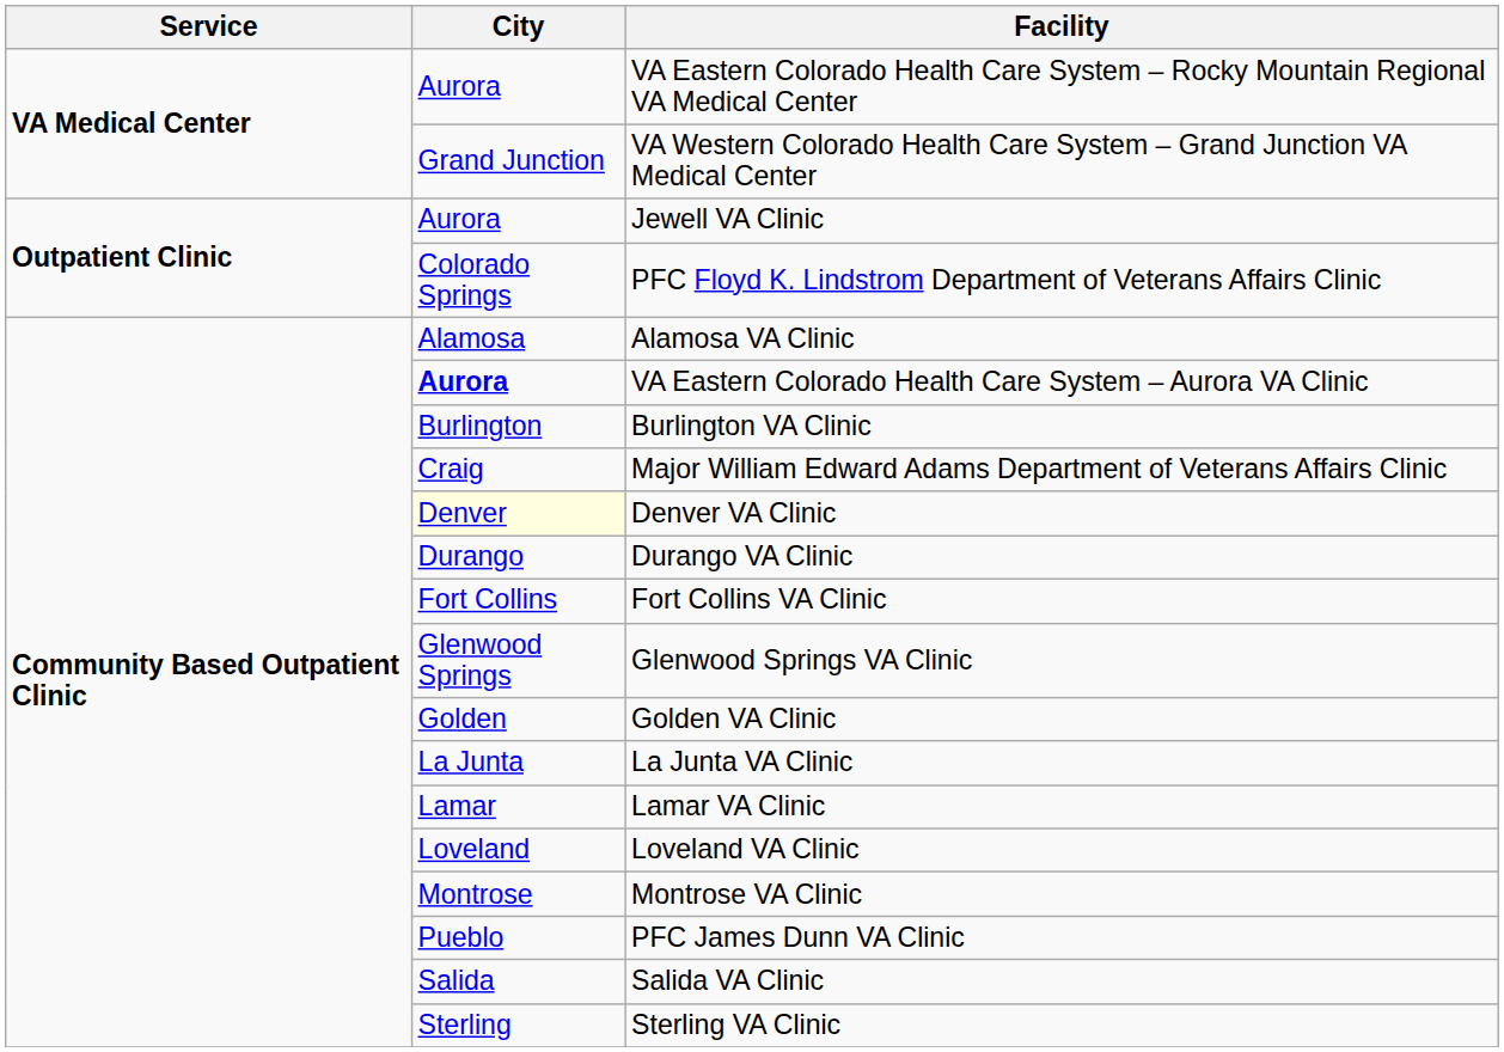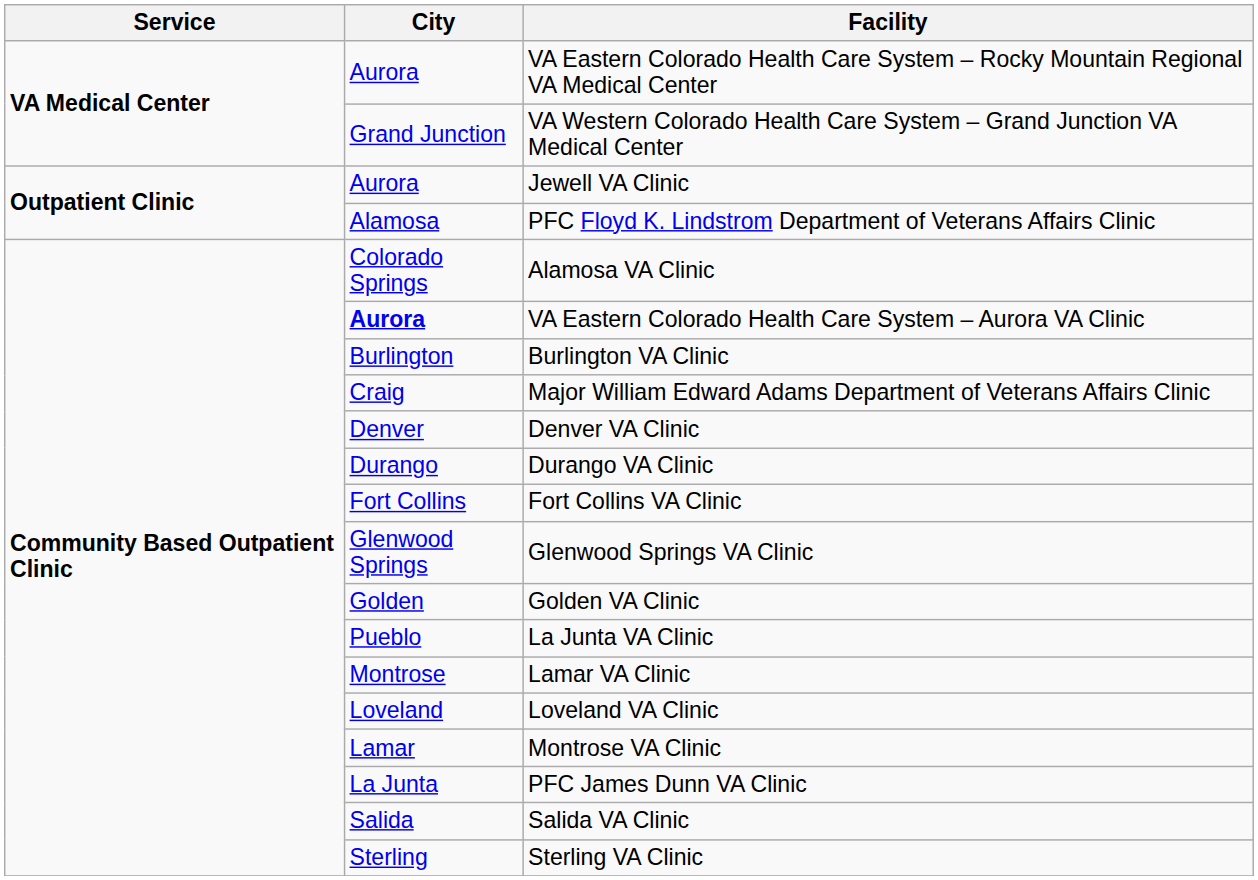 <table class="wikitable">
 <tr>
 <th>Service</th>
 <th>City</th>
 <th>Facility</th>
 </tr>
 <tr>
 <td rowspan=2><strong>VA Medical Center</strong></td>
 <td><a href='#'>Aurora</a></td>
 <td>VA Eastern Colorado Health Care System – Rocky Mountain Regional VA Medical Center</td>
 </tr>
 <tr>
 <td><a href='#'>Grand Junction</a></td>
 <td>VA Western Colorado Health Care System – Grand Junction VA Medical Center</td>
 </tr>
 <tr>
 <td rowspan=2><strong>Outpatient Clinic</strong></td>
 <td><a href='#'>Aurora</a></td>
 <td>Jewell VA Clinic</td>
 </tr>
 <tr>
-<td><a href='#'>Colorado Springs</a></td>
+<td><a href='#'>Alamosa</a></td>
 <td>PFC <a href='#'>Floyd K. Lindstrom</a> Department of Veterans Affairs Clinic</td>
 </tr>
 <tr>
 <td rowspan=16><strong>Community Based Outpatient Clinic</strong></td>
-<td><a href='#'>Alamosa</a></td>
+<td><a href='#'>Colorado Springs</a></td>
 <td>Alamosa VA Clinic</td>
 </tr>
 <tr>
 <td><strong><a href='#'>Aurora</a></strong></td>
 <td>VA Eastern Colorado Health Care System – Aurora VA Clinic</td>
 </tr>
 <tr>
 <td><a href='#'>Burlington</a></td>
 <td>Burlington VA Clinic</td>
 </tr>
 <tr>
 <td><a href='#'>Craig</a></td>
 <td>Major William Edward Adams Department of Veterans Affairs Clinic</td>
 </tr>
 <tr>
-<td style="background: lightyellow;"><a href='#'>Denver</a></td>
+<td><a href='#'>Denver</a></td>
 <td>Denver VA Clinic</td>
 </tr>
 <tr>
 <td><a href='#'>Durango</a></td>
 <td>Durango VA Clinic</td>
 </tr>
 <tr>
 <td><a href='#'>Fort Collins</a></td>
 <td>Fort Collins VA Clinic</td>
 </tr>
 <tr>
 <td><a href='#'>Glenwood Springs</a></td>
 <td>Glenwood Springs VA Clinic</td>
 </tr>
 <tr>
 <td><a href='#'>Golden</a></td>
 <td>Golden VA Clinic</td>
 </tr>
 <tr>
-<td><a href='#'>La Junta</a></td>
+<td><a href='#'>Pueblo</a></td>
 <td>La Junta VA Clinic</td>
 </tr>
 <tr>
-<td><a href='#'>Lamar</a></td>
+<td><a href='#'>Montrose</a></td>
 <td>Lamar VA Clinic</td>
 </tr>
 <tr>
 <td><a href='#'>Loveland</a></td>
 <td>Loveland VA Clinic</td>
 </tr>
 <tr>
-<td><a href='#'>Montrose</a></td>
+<td><a href='#'>Lamar</a></td>
 <td>Montrose VA Clinic</td>
 </tr>
 <tr>
-<td><a href='#'>Pueblo</a></td>
+<td><a href='#'>La Junta</a></td>
 <td>PFC James Dunn VA Clinic</td>
 </tr>
 <tr>
 <td><a href='#'>Salida</a></td>
 <td>Salida VA Clinic</td>
 </tr>
 <tr>
 <td><a href='#'>Sterling</a></td>
 <td>Sterling VA Clinic</td>
 </tr>
 </table>
